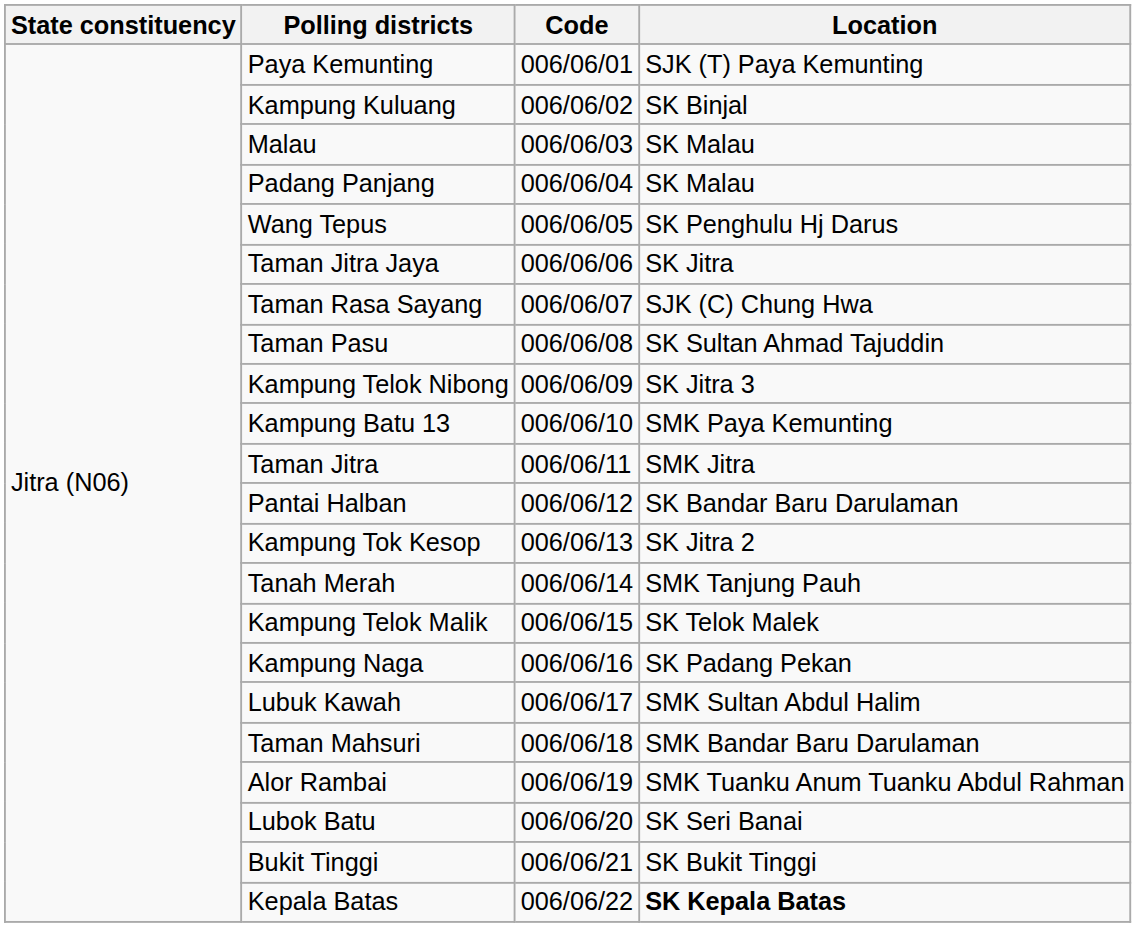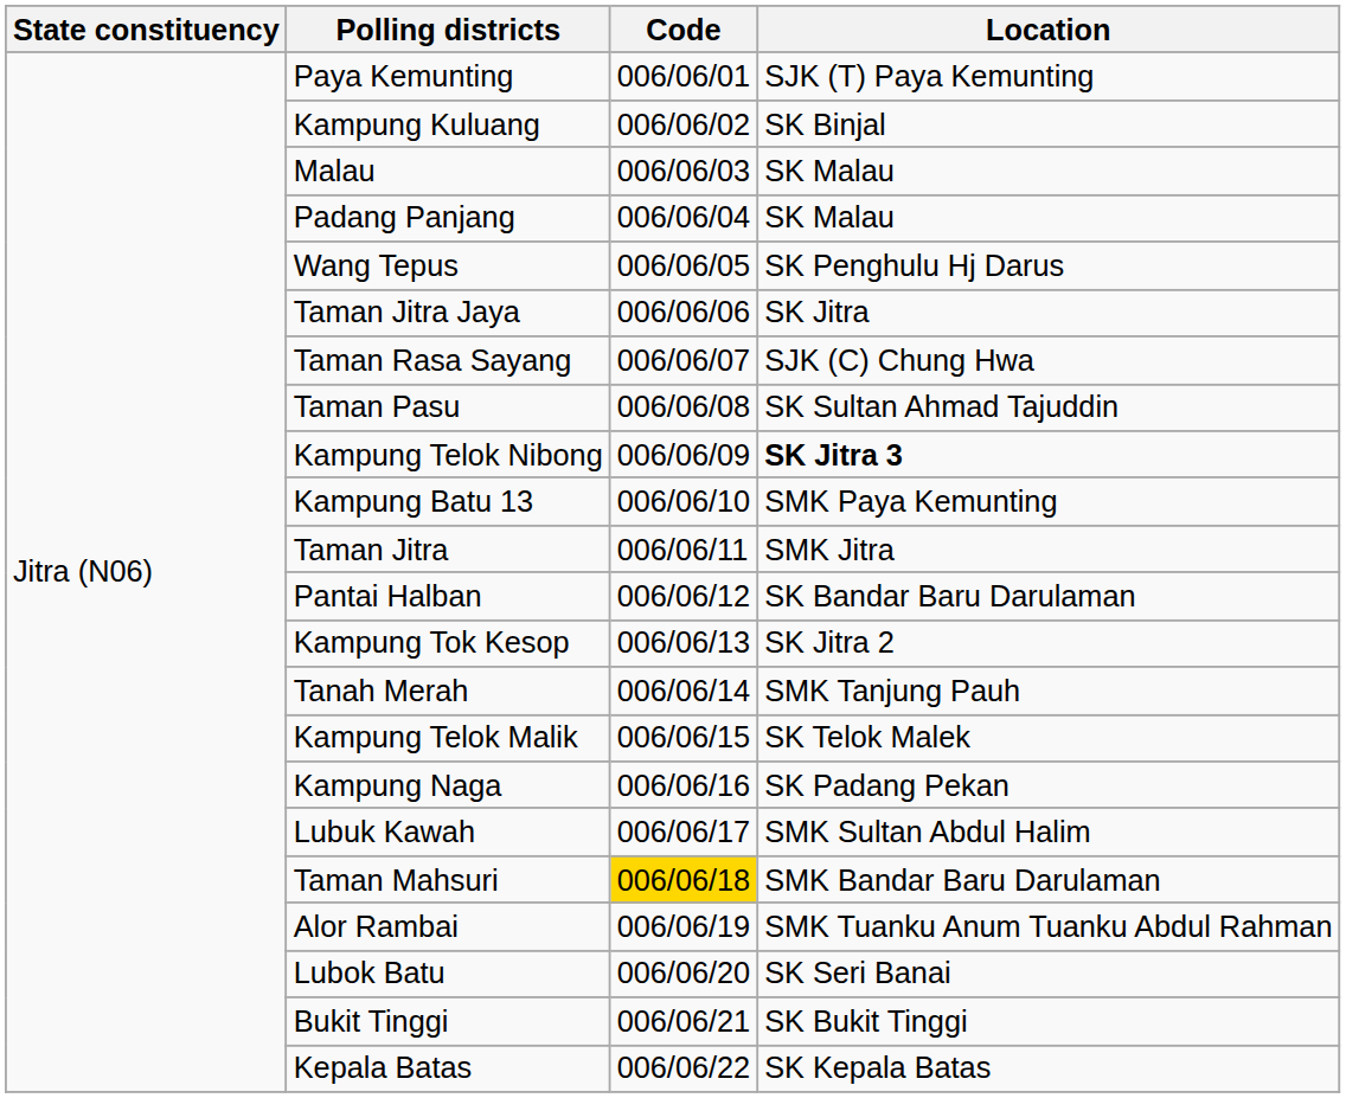 <table class="wikitable sortable mw-collapsible" style="white-space:nowrap;font-size:85%">
 <tr>
 <th>State constituency</th>
 <th>Polling districts</th>
 <th>Code</th>
 <th>Location</th>
 </tr>
 <tr>
 <td rowspan="22">Jitra (N06)</td>
 <td>Paya Kemunting</td>
 <td>006/06/01</td>
 <td>SJK (T) Paya Kemunting</td>
 </tr>
 <tr>
 <td>Kampung Kuluang</td>
 <td>006/06/02</td>
 <td>SK Binjal</td>
 </tr>
 <tr>
 <td>Malau</td>
 <td>006/06/03</td>
 <td>SK Malau</td>
 </tr>
 <tr>
 <td>Padang Panjang</td>
 <td>006/06/04</td>
 <td>SK Malau</td>
 </tr>
 <tr>
 <td>Wang Tepus</td>
 <td>006/06/05</td>
 <td>SK Penghulu Hj Darus</td>
 </tr>
 <tr>
 <td>Taman Jitra Jaya</td>
 <td>006/06/06</td>
 <td>SK Jitra</td>
 </tr>
 <tr>
 <td>Taman Rasa Sayang</td>
 <td>006/06/07</td>
 <td>SJK (C) Chung Hwa</td>
 </tr>
 <tr>
 <td>Taman Pasu</td>
 <td>006/06/08</td>
 <td>SK Sultan Ahmad Tajuddin</td>
 </tr>
 <tr>
 <td>Kampung Telok Nibong</td>
 <td>006/06/09</td>
-<td>SK Jitra 3</td>
+<td><strong>SK Jitra 3</strong></td>
 </tr>
 <tr>
 <td>Kampung Batu 13</td>
 <td>006/06/10</td>
 <td>SMK Paya Kemunting</td>
 </tr>
 <tr>
 <td>Taman Jitra</td>
 <td>006/06/11</td>
 <td>SMK Jitra</td>
 </tr>
 <tr>
 <td>Pantai Halban</td>
 <td>006/06/12</td>
 <td>SK Bandar Baru Darulaman</td>
 </tr>
 <tr>
 <td>Kampung Tok Kesop</td>
 <td>006/06/13</td>
 <td>SK Jitra 2</td>
 </tr>
 <tr>
 <td>Tanah Merah</td>
 <td>006/06/14</td>
 <td>SMK Tanjung Pauh</td>
 </tr>
 <tr>
 <td>Kampung Telok Malik</td>
 <td>006/06/15</td>
 <td>SK Telok Malek</td>
 </tr>
 <tr>
 <td>Kampung Naga</td>
 <td>006/06/16</td>
 <td>SK Padang Pekan</td>
 </tr>
 <tr>
 <td>Lubuk Kawah</td>
 <td>006/06/17</td>
 <td>SMK Sultan Abdul Halim</td>
 </tr>
 <tr>
 <td>Taman Mahsuri</td>
-<td>006/06/18</td>
+<td style="background: gold;">006/06/18</td>
 <td>SMK Bandar Baru Darulaman</td>
 </tr>
 <tr>
 <td>Alor Rambai</td>
 <td>006/06/19</td>
 <td>SMK Tuanku Anum Tuanku Abdul Rahman</td>
 </tr>
 <tr>
 <td>Lubok Batu</td>
 <td>006/06/20</td>
 <td>SK Seri Banai</td>
 </tr>
 <tr>
 <td>Bukit Tinggi</td>
 <td>006/06/21</td>
 <td>SK Bukit Tinggi</td>
 </tr>
 <tr>
 <td>Kepala Batas</td>
 <td>006/06/22</td>
-<td><strong>SK Kepala Batas</strong></td>
+<td>SK Kepala Batas</td>
 </tr>
 </table>
